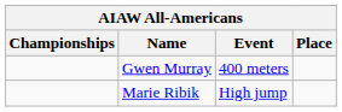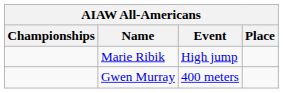 <table class="wikitable sortable">
 <tr>
 <th colspan="4">AIAW All-Americans</th>
 </tr>
 <tr>
 <th scope="col">Championships</th>
 <th scope="col">Name</th>
 <th scope="col">Event</th>
 <th scope="col">Place</th>
 </tr>
 <tr>
 <td></td>
+<td><a href='#'>Marie Ribik</a></td>
+<td><a href='#'>High jump</a></td>
+<td></td>
+</tr>
+<tr>
+<td></td>
 <td><a href='#'>Gwen Murray</a></td>
 <td><a href='#'>400 meters</a></td>
 <td></td>
 </tr>
-<tr>
-<td></td>
-<td><a href='#'>Marie Ribik</a></td>
-<td><a href='#'>High jump</a></td>
-<td></td>
-</tr>
 </table>
